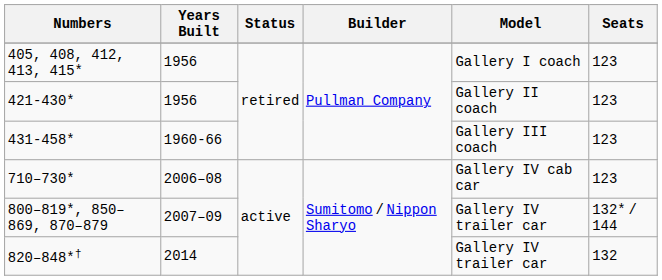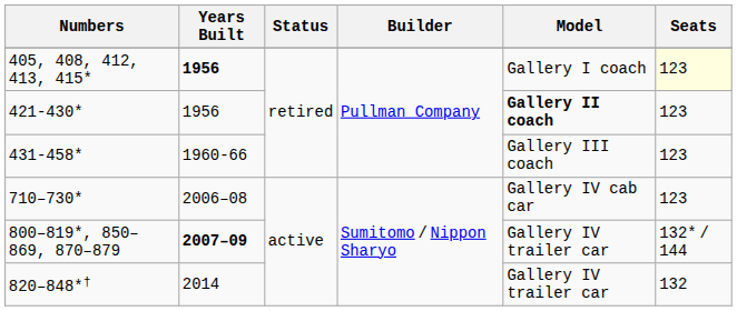 <table class="wikitable" border="1">
 <tr>
 <th>Numbers</th>
 <th>Years Built</th>
 <th>Status</th>
 <th>Builder</th>
 <th>Model</th>
 <th>Seats</th>
 </tr>
 <tr>
 </tr>
 <tr>
 <td>405, 408, 412, 413, 415*</td>
-<td>1956</td>
+<td><strong>1956</strong></td>
 <td rowspan="3">retired</td>
 <td rowspan="3"><a href='#'>Pullman Company</a></td>
 <td>Gallery I coach</td>
-<td>123</td>
+<td style="background: lightyellow;">123</td>
 </tr>
 <tr>
 <td>421-430*</td>
 <td>1956</td>
-<td>Gallery II coach</td>
+<td><strong>Gallery II coach</strong></td>
 <td>123</td>
 </tr>
 <tr>
 <td>431-458*</td>
 <td>1960-66</td>
 <td>Gallery III coach</td>
 <td>123</td>
 </tr>
 <tr>
 <td>710–730*</td>
 <td>2006–08</td>
 <td rowspan="3">active</td>
 <td rowspan="3"><a href='#'>Sumitomo</a> / <a href='#'>Nippon Sharyo</a></td>
 <td>Gallery IV cab car</td>
 <td>123</td>
 </tr>
 <tr>
 <td>800–819*, 850–869, 870–879</td>
-<td>2007–09</td>
+<td><strong>2007–09</strong></td>
 <td>Gallery IV trailer car</td>
 <td>132* / 144</td>
 </tr>
 <tr>
 <td>820–848*<sup>†</sup></td>
 <td>2014</td>
 <td>Gallery IV trailer car</td>
 <td>132</td>
 </tr>
 </table>
